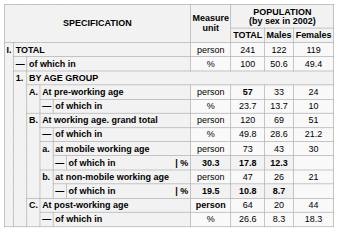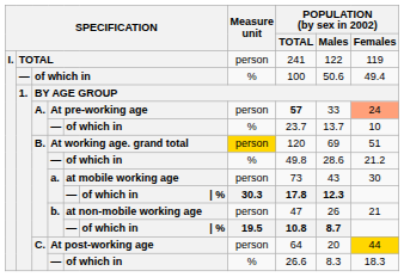 <table class="wikitable" style="font-size:85%; text-align:center">
 <tr>
 <th rowspan="2" colspan="6">SPECIFICATION</th>
 <th rowspan="2">Measure<br> unit</th>
 <th colspan="3" rowspan="1">POPULATION<br> (by sex in 2002)</th>
 </tr>
 <tr>
 <th>TOTAL</th>
 <th>Males</th>
 <th>Females</th>
 </tr>
 <tr>
 <th style="text-align:left" valign="top" rowspan="13">I.</th>
 <th style="text-align:left" colspan="5">TOTAL</th>
 <td>person</td>
 <td>241</td>
 <td>122</td>
 <td>119</td>
 </tr>
 <tr>
 <th style="text-align:left" valign="top">—</th>
 <th style="text-align:left" colspan="4">of which in</th>
 <td>%</td>
 <td>100</td>
 <td>50.6</td>
 <td>49.4</td>
 </tr>
 <tr>
 <th style="text-align:left" valign="top" rowspan="11">1.</th>
 <th style="text-align:left" colspan="19">BY AGE GROUP</th>
 </tr>
 <tr>
 <th style="text-align:left" valign="top" rowspan="2">A.</th>
 <th style="text-align:left" colspan="3">At pre-working age</th>
 <td>person</td>
 <td><strong>57</strong></td>
 <td>33</td>
-<td>24</td>
+<td style="background: lightsalmon;">24</td>
 </tr>
 <tr>
 <th style="text-align:left" valign="top">—</th>
 <th style="text-align:left" valign="top" colspan="2">of which in</th>
 <td>%</td>
 <td>23.7</td>
 <td>13.7</td>
 <td>10</td>
 </tr>
 <tr>
 <th style="text-align:left" valign="top" rowspan="6">B.</th>
 <th style="text-align:left" colspan="3">At working age. grand total</th>
-<td>person</td>
+<td style="background: gold;">person</td>
 <td>120</td>
 <td>69</td>
 <td>51</td>
 </tr>
 <tr>
 <th style="text-align:left" valign="top">—</th>
 <th style="text-align:left" valign="top" colspan="2">of which in</th>
 <td>%</td>
 <td>49.8</td>
 <td>28.6</td>
 <td>21.2</td>
 </tr>
 <tr>
 <th style="text-align:left" valign="top" rowspan="2">a.</th>
 <th style="text-align:left" colspan="2">at mobile working age</th>
 <td>person</td>
 <td>73</td>
 <td>43</td>
 <td>30</td>
 </tr>
 <tr>
 <th style="text-align:left" valign="top">—</th>
 <th style="text-align:left" valign="top" colspan="1">of which in                        | %</th>
 <th>30.3</th>
 <th>17.8</th>
 <th>12.3</th>
 </tr>
 <tr>
 <th style="text-align:left" valign="top" rowspan="2">b.</th>
 <th style="text-align:left" colspan="2">at non-mobile working age</th>
 <td>person</td>
 <td>47</td>
 <td>26</td>
 <td>21</td>
 </tr>
 <tr>
 <th style="text-align:left" valign="top">—</th>
 <th style="text-align:left" valign="top" colspan="1">of which in                        | %</th>
 <th>19.5</th>
 <th>10.8</th>
 <th>8.7</th>
 </tr>
 <tr>
 <th style="text-align:left" valign="top" rowspan="2">C.</th>
 <th style="text-align:left" colspan="3">At post-working age</th>
-<td><strong>person</strong></td>
+<td>person</td>
 <td>64</td>
 <td>20</td>
-<td>44</td>
+<td style="background: gold;">44</td>
 </tr>
 <tr>
 <th style="text-align:left" valign="top">—</th>
 <th style="text-align:left" valign="top" colspan="2">of which in</th>
 <td>%</td>
 <td>26.6</td>
 <td>8.3</td>
 <td>18.3</td>
 </tr>
 </table>
